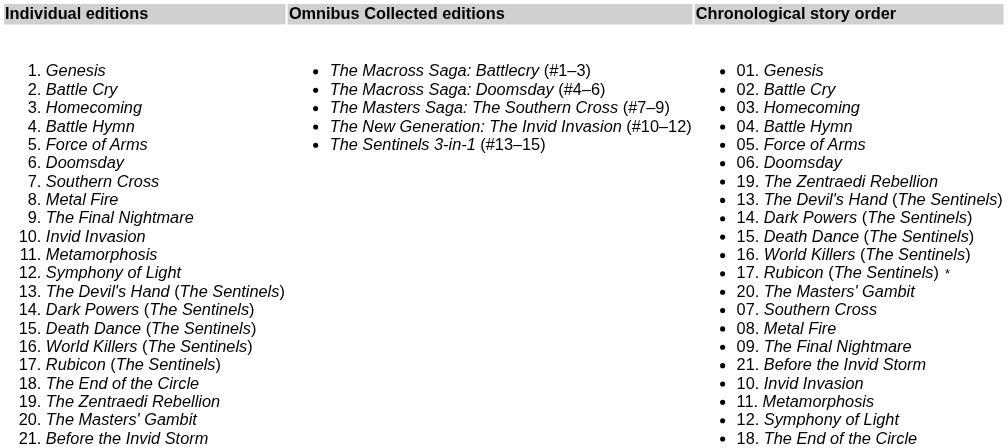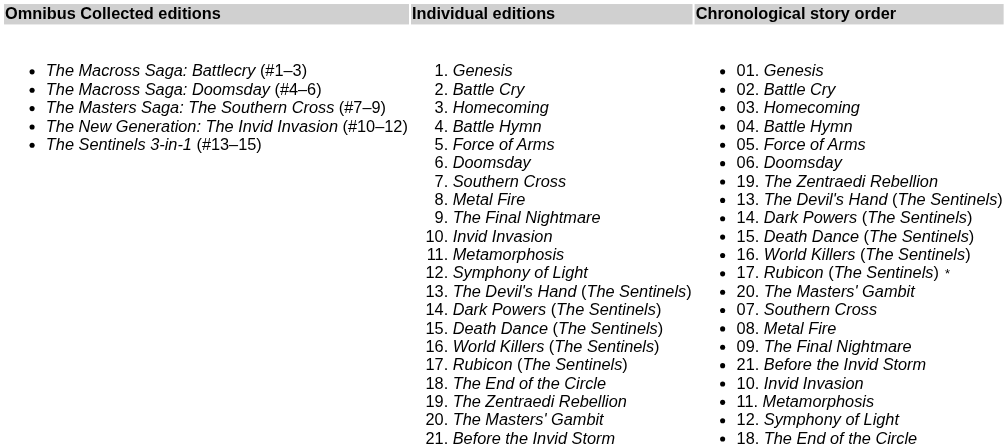 <table>
 <tr bgcolor="#D0D0D0">
+<th align=left>Omnibus Collected editions</th>
 <th align=left>Individual editions</th>
-<th align=left>Omnibus Collected editions</th>
 <th align=left>Chronological story order</th>
 </tr>
 <tr>
+<td valign=top><br><ul><li><em>The Macross Saga: Battlecry</em> (#1–3)</li><li><em>The Macross Saga: Doomsday</em> (#4–6)</li><li><em>The Masters Saga: The Southern Cross</em> (#7–9)</li><li><em>The New Generation: The Invid Invasion</em> (#10–12)</li><li><em>The Sentinels 3-in-1</em> (#13–15)</li></ul></td>
 <td valign=top><br><ol><li><em>Genesis</em></li><li><em>Battle Cry</em></li><li><em>Homecoming</em></li><li><em>Battle Hymn</em></li><li><em>Force of Arms</em></li><li><em>Doomsday</em></li><li><em>Southern Cross</em></li><li><em>Metal Fire</em></li><li><em>The Final Nightmare</em></li><li><em>Invid Invasion</em></li><li><em>Metamorphosis</em></li><li><em>Symphony of Light</em></li><li><em>The Devil's Hand</em> (<em>The Sentinels</em>)</li><li><em>Dark Powers</em> (<em>The Sentinels</em>)</li><li><em>Death Dance</em> (<em>The Sentinels</em>)</li><li><em>World Killers</em> (<em>The Sentinels</em>)</li><li><em>Rubicon</em> (<em>The Sentinels</em>)</li><li><em>The End of the Circle</em></li><li><em>The Zentraedi Rebellion</em></li><li><em>The Masters' Gambit</em></li><li><em>Before the Invid Storm</em></li></ol></td>
-<td valign=top><br><ul><li><em>The Macross Saga: Battlecry</em> (#1–3)</li><li><em>The Macross Saga: Doomsday</em> (#4–6)</li><li><em>The Masters Saga: The Southern Cross</em> (#7–9)</li><li><em>The New Generation: The Invid Invasion</em> (#10–12)</li><li><em>The Sentinels 3-in-1</em> (#13–15)</li></ul></td>
 <td valign=top><br><ul><li>01. <em>Genesis</em></li><li>02. <em>Battle Cry</em></li><li>03. <em>Homecoming</em></li><li>04. <em>Battle Hymn</em></li><li>05. <em>Force of Arms</em></li><li>06. <em>Doomsday</em></li><li>19. <em>The Zentraedi Rebellion</em></li><li>13. <em>The Devil's Hand</em> (<em>The Sentinels</em>)</li><li>14. <em>Dark Powers</em> (<em>The Sentinels</em>)</li><li>15. <em>Death Dance</em> (<em>The Sentinels</em>)</li><li>16. <em>World Killers</em> (<em>The Sentinels</em>)</li><li>17. <em>Rubicon</em> (<em>The Sentinels</em>) <code>*</code></li><li>20. <em>The Masters' Gambit</em></li><li>07. <em>Southern Cross</em></li><li>08. <em>Metal Fire</em></li><li>09. <em>The Final Nightmare</em></li><li>21. <em>Before the Invid Storm</em></li><li>10. <em>Invid Invasion</em></li><li>11. <em>Metamorphosis</em></li><li>12. <em>Symphony of Light</em></li><li>18. <em>The End of the Circle</em></li></ul></td>
 </tr>
 </table>
